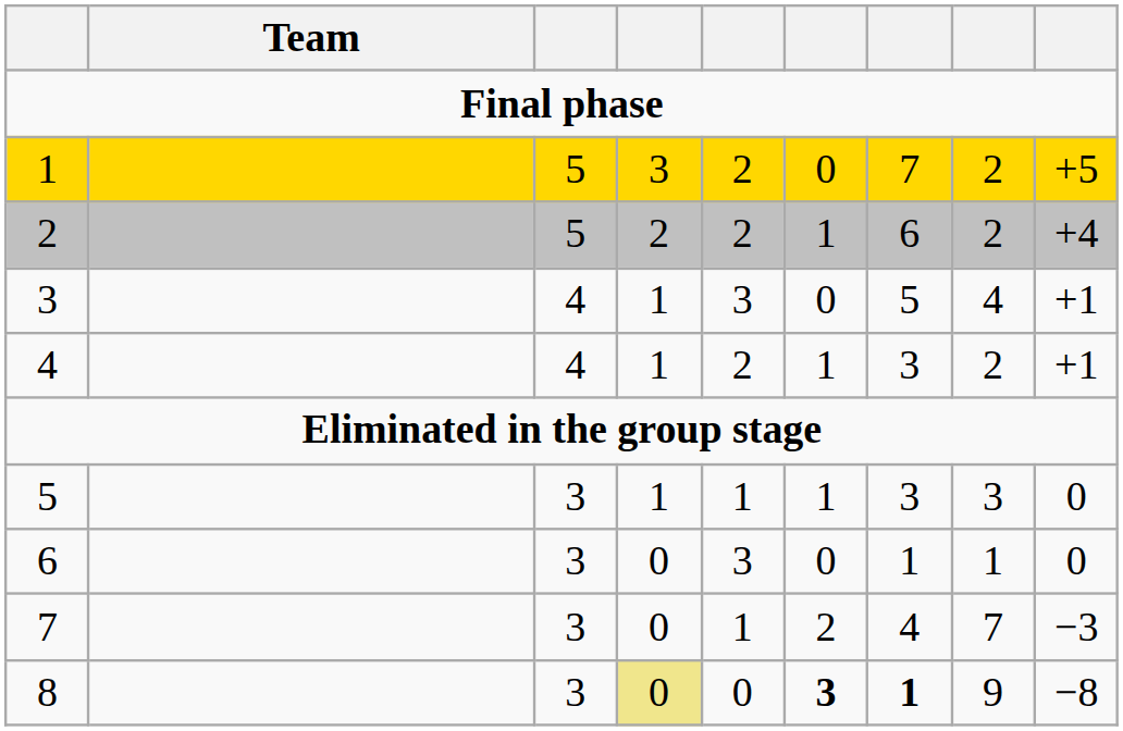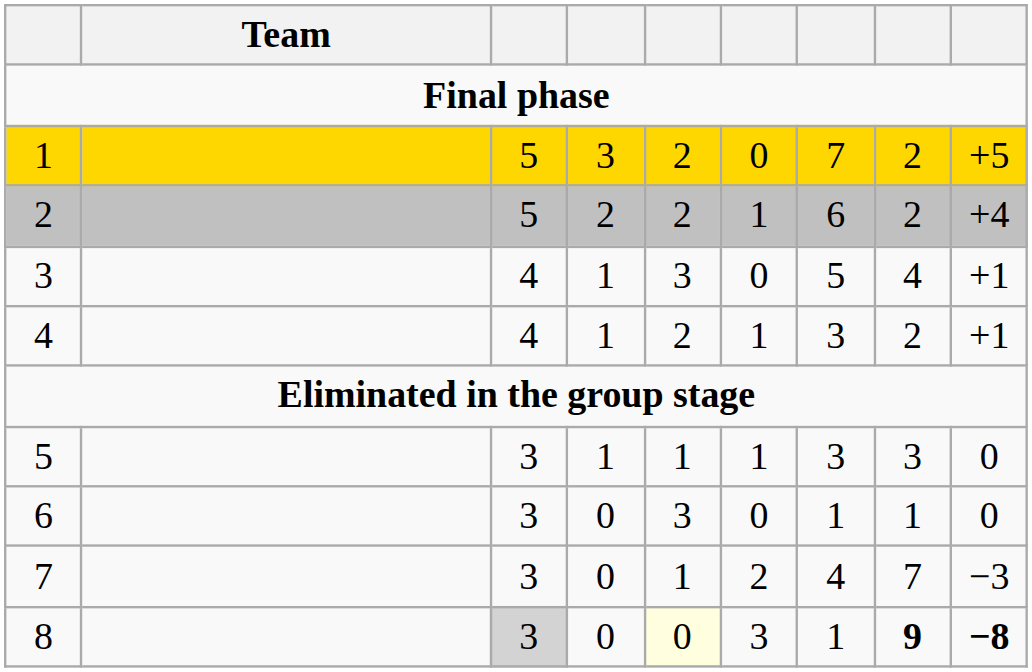 <table class="wikitable" style="text-align:center">
 <tr>
 <th width="25"></th>
 <th width="165">Team</th>
 <th width="25"></th>
 <th width="25"></th>
 <th width="25"></th>
 <th width="25"></th>
 <th width="25"></th>
 <th width="25"></th>
 <th width="25"></th>
 </tr>
 <tr>
 <td colspan=10><strong>Final phase</strong></td>
 </tr>
 <tr style="background:#FFD700;">
 <td>1</td>
 <td align=left><strong></strong></td>
 <td>5</td>
 <td>3</td>
 <td>2</td>
 <td>0</td>
 <td>7</td>
 <td>2</td>
 <td>+5</td>
 </tr>
 <tr style="background:#C0C0C0;">
 <td>2</td>
 <td align=left><strong></strong></td>
 <td>5</td>
 <td>2</td>
 <td>2</td>
 <td>1</td>
 <td>6</td>
 <td>2</td>
 <td>+4</td>
 </tr>
 <tr>
 <td>3</td>
 <td align=left></td>
 <td>4</td>
 <td>1</td>
 <td>3</td>
 <td>0</td>
 <td>5</td>
 <td>4</td>
 <td>+1</td>
 </tr>
 <tr>
 <td>4</td>
 <td align=left></td>
 <td>4</td>
 <td>1</td>
 <td>2</td>
 <td>1</td>
 <td>3</td>
 <td>2</td>
 <td>+1</td>
 </tr>
 <tr>
 <td colspan=10><strong>Eliminated in the group stage</strong></td>
 </tr>
 <tr>
 <td>5</td>
 <td align=left></td>
 <td>3</td>
 <td>1</td>
 <td>1</td>
 <td>1</td>
 <td>3</td>
 <td>3</td>
 <td>0</td>
 </tr>
 <tr>
 <td>6</td>
 <td align=left></td>
 <td>3</td>
 <td>0</td>
 <td>3</td>
 <td>0</td>
 <td>1</td>
 <td>1</td>
 <td>0</td>
 </tr>
 <tr>
 <td>7</td>
 <td align=left></td>
 <td>3</td>
 <td>0</td>
 <td>1</td>
 <td>2</td>
 <td>4</td>
 <td>7</td>
 <td>−3</td>
 </tr>
 <tr>
 <td>8</td>
 <td align=left></td>
+<td style="background: lightgrey;">3</td>
+<td>0</td>
+<td style="background: lightyellow;">0</td>
 <td>3</td>
-<td style="background: khaki;">0</td>
-<td>0</td>
-<td><strong>3</strong></td>
-<td><strong>1</strong></td>
-<td>9</td>
-<td>−8</td>
+<td>1</td>
+<td><strong>9</strong></td>
+<td><strong>−8</strong></td>
 </tr>
 </table>
